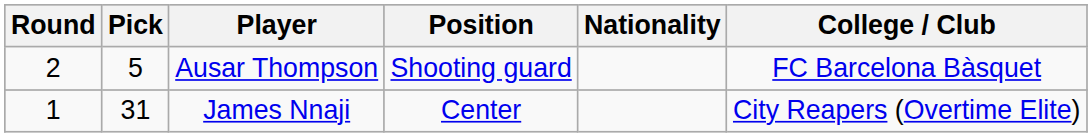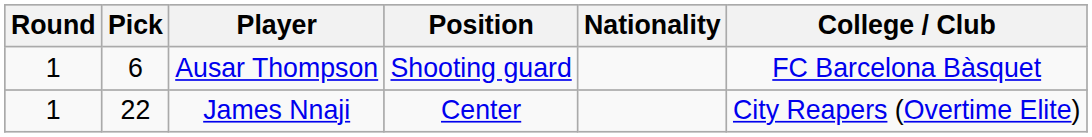 <table class="wikitable sortable sortable">
 <tr>
 <th>Round</th>
 <th>Pick</th>
 <th>Player</th>
 <th>Position</th>
 <th>Nationality</th>
 <th>College / Club</th>
 </tr>
 <tr style="text-align: center">
-<td>2</td>
-<td>5</td>
+<td>1</td>
+<td>6</td>
 <td><a href='#'>Ausar Thompson</a></td>
 <td><a href='#'>Shooting guard</a></td>
 <td></td>
 <td><a href='#'>FC Barcelona Bàsquet</a></td>
 </tr>
 <tr style="text-align: center">
 <td>1</td>
-<td>31</td>
+<td>22</td>
 <td><a href='#'>James Nnaji</a></td>
 <td><a href='#'>Center</a></td>
 <td></td>
 <td><a href='#'>City Reapers</a> (<a href='#'>Overtime Elite</a>)</td>
 </tr>
 </table>
